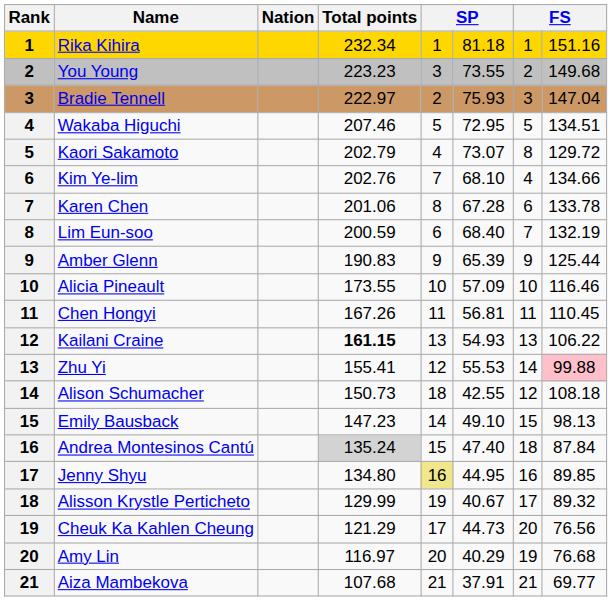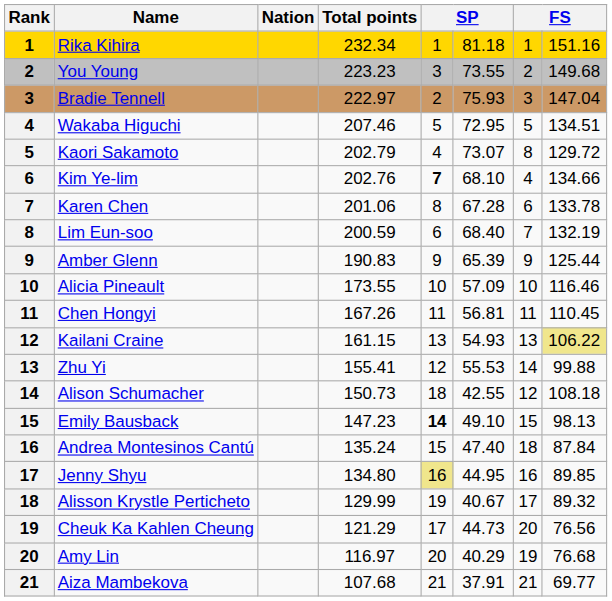 <table class="wikitable sortable">
 <tr>
 <th>Rank</th>
 <th>Name</th>
 <th>Nation</th>
 <th>Total points</th>
 <th colspan="2" width="80px"><a href='#'>SP</a></th>
 <th colspan="2" width="80px"><a href='#'>FS</a></th>
 </tr>
 <tr bgcolor="gold">
 <td align="center"><strong>1</strong></td>
 <td><a href='#'>Rika Kihira</a></td>
 <td></td>
 <td align="center">232.34</td>
 <td align="center">1</td>
 <td align="center">81.18</td>
 <td align="center">1</td>
 <td align="center">151.16</td>
 </tr>
 <tr bgcolor="silver">
 <td align="center"><strong>2</strong></td>
 <td><a href='#'>You Young</a></td>
 <td></td>
 <td align="center">223.23</td>
 <td align="center">3</td>
 <td align="center">73.55</td>
 <td align="center">2</td>
 <td align="center">149.68</td>
 </tr>
 <tr bgcolor="cc9966">
 <td align="center"><strong>3</strong></td>
 <td><a href='#'>Bradie Tennell</a></td>
 <td></td>
 <td align="center">222.97</td>
 <td align="center">2</td>
 <td align="center">75.93</td>
 <td align="center">3</td>
 <td align="center">147.04</td>
 </tr>
 <tr>
 <th>4</th>
 <td><a href='#'>Wakaba Higuchi</a></td>
 <td></td>
 <td align="center">207.46</td>
 <td align="center">5</td>
 <td align="center">72.95</td>
 <td align="center">5</td>
 <td align="center">134.51</td>
 </tr>
 <tr>
 <th>5</th>
 <td><a href='#'>Kaori Sakamoto</a></td>
 <td></td>
 <td align="center">202.79</td>
 <td align="center">4</td>
 <td align="center">73.07</td>
 <td align="center">8</td>
 <td align="center">129.72</td>
 </tr>
 <tr>
 <th>6</th>
 <td><a href='#'>Kim Ye-lim</a></td>
 <td></td>
 <td align="center">202.76</td>
-<td align="center">7</td>
+<td align="center"><strong>7</strong></td>
 <td align="center">68.10</td>
 <td align="center">4</td>
 <td align="center">134.66</td>
 </tr>
 <tr>
 <th>7</th>
 <td><a href='#'>Karen Chen</a></td>
 <td></td>
 <td align="center">201.06</td>
 <td align="center">8</td>
 <td align="center">67.28</td>
 <td align="center">6</td>
 <td align="center">133.78</td>
 </tr>
 <tr>
 <th>8</th>
 <td><a href='#'>Lim Eun-soo</a></td>
 <td></td>
 <td align="center">200.59</td>
 <td align="center">6</td>
 <td align="center">68.40</td>
 <td align="center">7</td>
 <td align="center">132.19</td>
 </tr>
 <tr>
 <th>9</th>
 <td><a href='#'>Amber Glenn</a></td>
 <td></td>
 <td align="center">190.83</td>
 <td align="center">9</td>
 <td align="center">65.39</td>
 <td align="center">9</td>
 <td align="center">125.44</td>
 </tr>
 <tr>
 <th>10</th>
 <td><a href='#'>Alicia Pineault</a></td>
 <td></td>
 <td align="center">173.55</td>
 <td align="center">10</td>
 <td align="center">57.09</td>
 <td align="center">10</td>
 <td align="center">116.46</td>
 </tr>
 <tr>
 <th>11</th>
 <td><a href='#'>Chen Hongyi</a></td>
 <td></td>
 <td align="center">167.26</td>
 <td align="center">11</td>
 <td align="center">56.81</td>
 <td align="center">11</td>
 <td align="center">110.45</td>
 </tr>
 <tr>
 <th>12</th>
 <td><a href='#'>Kailani Craine</a></td>
 <td></td>
-<td align="center"><strong>161.15</strong></td>
+<td align="center">161.15</td>
 <td align="center">13</td>
 <td align="center">54.93</td>
 <td align="center">13</td>
-<td align="center">106.22</td>
+<td align="center" style="background: khaki;">106.22</td>
 </tr>
 <tr>
 <th>13</th>
 <td><a href='#'>Zhu Yi</a></td>
 <td></td>
 <td align="center">155.41</td>
 <td align="center">12</td>
 <td align="center">55.53</td>
 <td align="center">14</td>
-<td align="center" style="background: pink;">99.88</td>
+<td align="center">99.88</td>
 </tr>
 <tr>
 <th>14</th>
 <td><a href='#'>Alison Schumacher</a></td>
 <td></td>
 <td align="center">150.73</td>
 <td align="center">18</td>
 <td align="center">42.55</td>
 <td align="center">12</td>
 <td align="center">108.18</td>
 </tr>
 <tr>
 <th>15</th>
 <td><a href='#'>Emily Bausback</a></td>
 <td></td>
 <td align="center">147.23</td>
-<td align="center">14</td>
+<td align="center"><strong>14</strong></td>
 <td align="center">49.10</td>
 <td align="center">15</td>
 <td align="center">98.13</td>
 </tr>
 <tr>
 <th>16</th>
 <td><a href='#'>Andrea Montesinos Cantú</a></td>
 <td></td>
-<td align="center" style="background: lightgrey;">135.24</td>
+<td align="center">135.24</td>
 <td align="center">15</td>
 <td align="center">47.40</td>
 <td align="center">18</td>
 <td align="center">87.84</td>
 </tr>
 <tr>
 <th>17</th>
 <td><a href='#'>Jenny Shyu</a></td>
 <td></td>
 <td align="center">134.80</td>
 <td align="center" style="background: khaki;">16</td>
 <td align="center">44.95</td>
 <td align="center">16</td>
 <td align="center">89.85</td>
 </tr>
 <tr>
 <th>18</th>
 <td><a href='#'>Alisson Krystle Perticheto</a></td>
 <td></td>
 <td align="center">129.99</td>
 <td align="center">19</td>
 <td align="center">40.67</td>
 <td align="center">17</td>
 <td align="center">89.32</td>
 </tr>
 <tr>
 <th>19</th>
 <td><a href='#'>Cheuk Ka Kahlen Cheung</a></td>
 <td></td>
 <td align="center">121.29</td>
 <td align="center">17</td>
 <td align="center">44.73</td>
 <td align="center">20</td>
 <td align="center">76.56</td>
 </tr>
 <tr>
 <th>20</th>
 <td><a href='#'>Amy Lin</a></td>
 <td></td>
 <td align="center">116.97</td>
 <td align="center">20</td>
 <td align="center">40.29</td>
 <td align="center">19</td>
 <td align="center">76.68</td>
 </tr>
 <tr>
 <th>21</th>
 <td><a href='#'>Aiza Mambekova</a></td>
 <td></td>
 <td align="center">107.68</td>
 <td align="center">21</td>
 <td align="center">37.91</td>
 <td align="center">21</td>
 <td align="center">69.77</td>
 </tr>
 </table>
